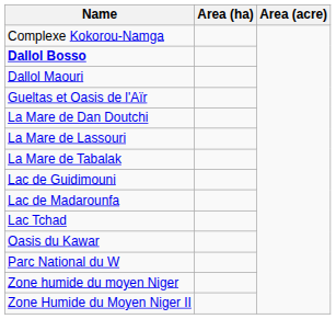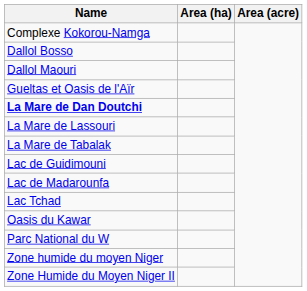 <table class="wikitable sortable">
 <tr>
 <th scope="col" align=left>Name</th>
 <th scope="col">Area (ha)</th>
 <th scope="col">Area (acre)</th>
 </tr>
 <tr ---->
 <td>Complexe <a href='#'>Kokorou-Namga</a></td>
 <td></td>
 </tr>
 <tr ---->
-<td><strong><a href='#'>Dallol Bosso</a></strong></td>
+<td><a href='#'>Dallol Bosso</a></td>
 <td></td>
 </tr>
 <tr ---->
 <td><a href='#'>Dallol Maouri</a></td>
 <td></td>
 </tr>
 <tr ---->
 <td><a href='#'>Gueltas et Oasis de l'Aïr</a></td>
 <td></td>
 </tr>
 <tr ---->
-<td><a href='#'>La Mare de Dan Doutchi</a></td>
+<td><strong><a href='#'>La Mare de Dan Doutchi</a></strong></td>
 <td></td>
 </tr>
 <tr ---->
 <td><a href='#'>La Mare de Lassouri</a></td>
 <td></td>
 </tr>
 <tr ---->
 <td><a href='#'>La Mare de Tabalak</a></td>
 <td></td>
 </tr>
 <tr ---->
 <td><a href='#'>Lac de Guidimouni</a></td>
 <td></td>
 </tr>
 <tr ---->
 <td><a href='#'>Lac de Madarounfa</a></td>
 <td></td>
 </tr>
 <tr ---->
 <td><a href='#'>Lac Tchad</a></td>
 <td></td>
 </tr>
 <tr ---->
 <td><a href='#'>Oasis du Kawar</a></td>
 <td></td>
 </tr>
 <tr ---->
 <td><a href='#'>Parc National du W</a></td>
 <td></td>
 </tr>
 <tr ---->
 <td><a href='#'>Zone humide du moyen Niger</a></td>
 <td></td>
 </tr>
 <tr ---->
 <td><a href='#'>Zone Humide du Moyen Niger II</a></td>
 <td></td>
 </tr>
 </table>
